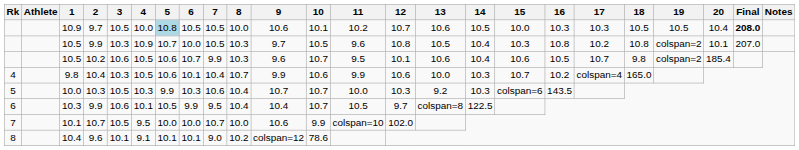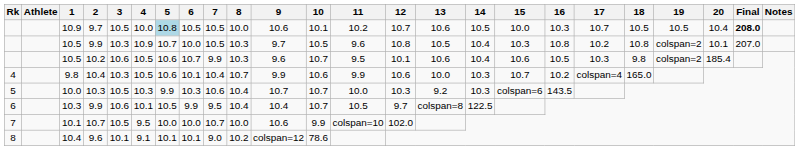 <table class="wikitable sortable">
 <tr>
 <th>Rk</th>
 <th style="width:100px">Athlete</th>
 <th class="unsortable">1</th>
 <th class="unsortable">2</th>
 <th class="unsortable">3</th>
 <th class="unsortable">4</th>
 <th class="unsortable">5</th>
 <th class="unsortable">6</th>
 <th class="unsortable">7</th>
 <th class="unsortable">8</th>
 <th class="unsortable">9</th>
 <th class="unsortable">10</th>
 <th class="unsortable">11</th>
 <th class="unsortable">12</th>
 <th class="unsortable">13</th>
 <th class="unsortable">14</th>
 <th class="unsortable">15</th>
 <th class="unsortable">16</th>
 <th class="unsortable">17</th>
 <th class="unsortable">18</th>
 <th class="unsortable">19</th>
 <th class="unsortable">20</th>
 <th>Final</th>
 <th class="unsortable">Notes</th>
 </tr>
 <tr>
 <td align="center"></td>
 <td></td>
 <td align="center">10.9</td>
 <td align="center">9.7</td>
 <td align="center">10.5</td>
 <td align="center">10.0</td>
 <td align="center" style="background: lightblue;">10.8</td>
 <td align="center">10.5</td>
 <td align="center">10.5</td>
 <td align="center">10.0</td>
 <td align="center">10.6</td>
 <td align="center">10.1</td>
 <td align="center">10.2</td>
 <td align="center">10.7</td>
 <td align="center">10.6</td>
 <td align="center">10.5</td>
 <td align="center">10.0</td>
 <td align="center">10.3</td>
-<td align="center">10.3</td>
+<td align="center">10.7</td>
 <td align="center">10.5</td>
 <td align="center">10.5</td>
 <td align="center">10.4</td>
 <td align="center"><strong>208.0</strong></td>
 <td align="center"></td>
 </tr>
 <tr>
 <td align="center"></td>
 <td></td>
 <td align="center">10.5</td>
 <td align="center">9.9</td>
 <td align="center">10.3</td>
 <td align="center">10.9</td>
 <td align="center">10.7</td>
 <td align="center">10.0</td>
 <td align="center">10.5</td>
 <td align="center">10.3</td>
 <td align="center">9.7</td>
 <td align="center">10.5</td>
 <td align="center">9.6</td>
 <td align="center">10.8</td>
 <td align="center">10.5</td>
 <td align="center">10.4</td>
 <td align="center">10.3</td>
 <td align="center">10.8</td>
 <td align="center">10.2</td>
 <td align="center">10.8</td>
 <td>colspan=2 </td>
 <td align="center">10.1</td>
 <td align="center">207.0</td>
 <td align="center"></td>
 </tr>
 <tr>
 <td align="center"></td>
 <td></td>
 <td align="center">10.5</td>
 <td align="center">10.2</td>
 <td align="center">10.6</td>
 <td align="center">10.5</td>
 <td align="center">10.6</td>
 <td align="center">10.7</td>
 <td align="center">9.9</td>
 <td align="center">10.3</td>
 <td align="center">9.6</td>
 <td align="center">10.7</td>
 <td align="center">9.5</td>
 <td align="center">10.1</td>
 <td align="center">10.6</td>
 <td align="center">10.4</td>
 <td align="center">10.6</td>
 <td align="center">10.5</td>
-<td align="center">10.7</td>
+<td align="center">10.3</td>
 <td align="center">9.8</td>
 <td>colspan=2 </td>
 <td align="center">185.4</td>
 <td align="center"></td>
 </tr>
 <tr>
 <td align="center">4</td>
 <td></td>
 <td align="center">9.8</td>
 <td align="center">10.4</td>
 <td align="center">10.3</td>
 <td align="center">10.5</td>
 <td align="center">10.6</td>
 <td align="center">10.1</td>
 <td align="center">10.4</td>
 <td align="center">10.7</td>
 <td align="center">9.9</td>
 <td align="center">10.6</td>
 <td align="center">9.9</td>
 <td align="center">10.6</td>
 <td align="center">10.0</td>
 <td align="center">10.3</td>
 <td align="center">10.7</td>
 <td align="center">10.2</td>
 <td>colspan=4 </td>
 <td align="center">165.0</td>
 <td align="center"></td>
 </tr>
 <tr>
 <td align="center">5</td>
 <td></td>
 <td align="center">10.0</td>
 <td align="center">10.3</td>
 <td align="center">10.5</td>
 <td align="center">10.3</td>
 <td align="center">9.9</td>
 <td align="center">10.3</td>
 <td align="center">10.6</td>
 <td align="center">10.4</td>
 <td align="center">10.7</td>
 <td align="center">10.7</td>
 <td align="center">10.0</td>
 <td align="center">10.3</td>
 <td align="center">9.2</td>
 <td align="center">10.3</td>
 <td>colspan=6 </td>
 <td align="center">143.5</td>
 <td align="center"></td>
 </tr>
 <tr>
 <td align="center">6</td>
 <td></td>
 <td align="center">10.3</td>
 <td align="center">9.9</td>
 <td align="center">10.6</td>
 <td align="center">10.1</td>
 <td align="center">10.5</td>
 <td align="center">9.9</td>
 <td align="center">9.5</td>
 <td align="center">10.4</td>
 <td align="center">10.4</td>
 <td align="center">10.7</td>
 <td align="center">10.5</td>
 <td align="center">9.7</td>
 <td>colspan=8 </td>
 <td align="center">122.5</td>
 <td align="center"></td>
 </tr>
 <tr>
 <td align="center">7</td>
 <td></td>
 <td align="center">10.1</td>
 <td align="center">10.7</td>
 <td align="center">10.5</td>
 <td align="center">9.5</td>
 <td align="center">10.0</td>
 <td align="center">10.0</td>
 <td align="center">10.7</td>
 <td align="center">10.0</td>
 <td align="center">10.6</td>
 <td align="center">9.9</td>
 <td>colspan=10 </td>
 <td align="center">102.0</td>
 <td align="center"></td>
 </tr>
 <tr>
 <td align="center">8</td>
 <td></td>
 <td align="center">10.4</td>
 <td align="center">9.6</td>
 <td align="center">10.1</td>
 <td align="center">9.1</td>
 <td align="center">10.1</td>
 <td align="center">10.1</td>
 <td align="center">9.0</td>
 <td align="center">10.2</td>
 <td>colspan=12 </td>
 <td align="center">78.6</td>
 <td align="center"></td>
 </tr>
 </table>
